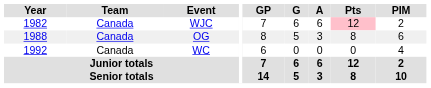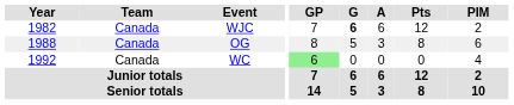 <table border="0" cellpadding="1" cellspacing="0" ID="Table3" style="text-align:center; width:40em">
 <tr ALIGN="center" bgcolor="#e0e0e0">
 <th>Year</th>
 <th>Team</th>
 <th>Event</th>
 <th rowspan="99" bgcolor="#ffffff"></th>
 <th>GP</th>
 <th>G</th>
 <th>A</th>
 <th>Pts</th>
 <th>PIM</th>
 </tr>
 <tr>
 <td><a href='#'>1982</a></td>
 <td><a href='#'>Canada</a></td>
 <td><a href='#'>WJC</a></td>
 <td>7</td>
+<td><strong>6</strong></td>
 <td>6</td>
-<td>6</td>
-<td style="background: pink;">12</td>
+<td>12</td>
 <td>2</td>
 </tr>
 <tr bgcolor="#f0f0f0">
 <td><a href='#'>1988</a></td>
 <td><a href='#'>Canada</a></td>
 <td><a href='#'>OG</a></td>
 <td>8</td>
 <td>5</td>
 <td>3</td>
 <td>8</td>
 <td>6</td>
 </tr>
 <tr>
 <td><a href='#'>1992</a></td>
 <td>Canada</td>
 <td><a href='#'>WC</a></td>
-<td>6</td>
+<td style="background: lightgreen;">6</td>
 <td>0</td>
 <td>0</td>
 <td>0</td>
 <td>4</td>
 </tr>
 <tr bgcolor="#e0e0e0">
 <th colspan="3">Junior totals</th>
 <th>7</th>
 <th>6</th>
 <th>6</th>
 <th>12</th>
 <th>2</th>
 </tr>
 <tr bgcolor="#e0e0e0">
 <th colspan="3">Senior totals</th>
 <th>14</th>
 <th>5</th>
 <th>3</th>
 <th>8</th>
 <th>10</th>
 </tr>
 </table>
